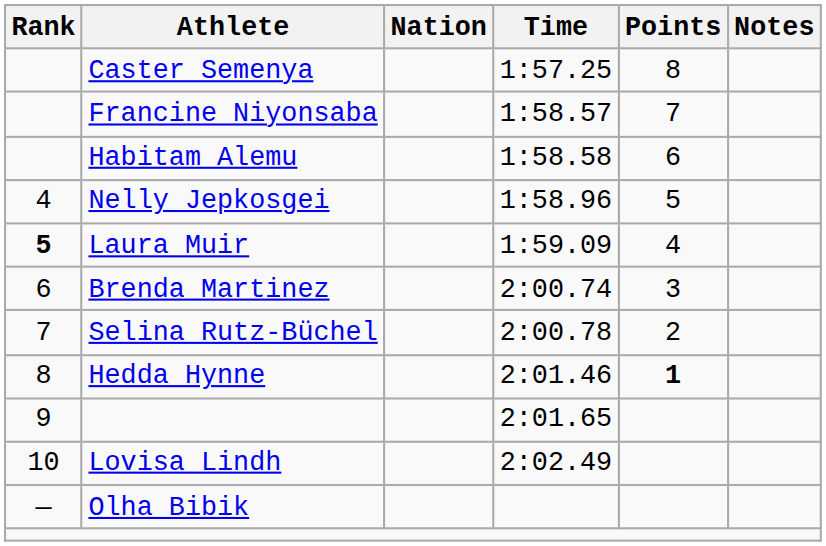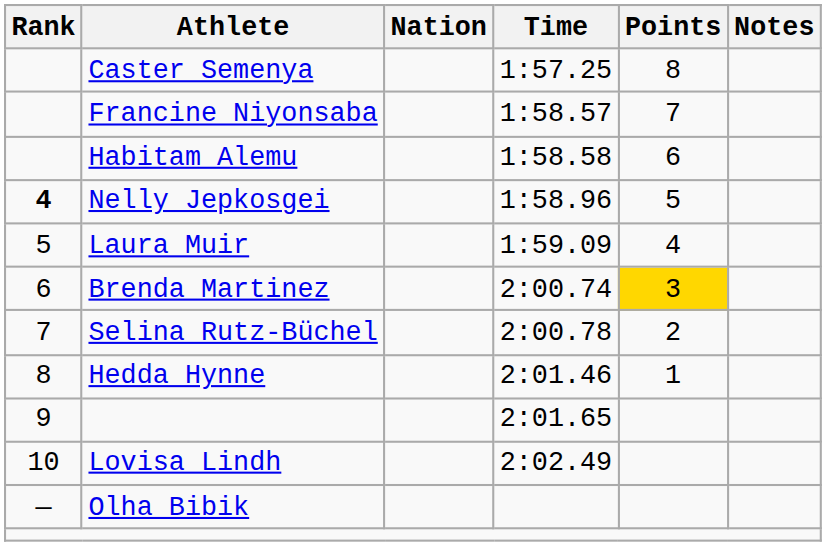 <table class="wikitable sortable" style="text-align:center;">
 <tr>
 <th scope="col" style="width: 10px;">Rank</th>
 <th scope="col">Athlete</th>
 <th scope="col">Nation</th>
 <th scope="col">Time</th>
 <th scope="col">Points</th>
 <th scope="col">Notes</th>
 </tr>
 <tr>
 <td></td>
 <td align=left><a href='#'>Caster Semenya</a></td>
 <td align=left></td>
 <td>1:57.25</td>
 <td>8</td>
 <td></td>
 </tr>
 <tr>
 <td></td>
 <td align=left><a href='#'>Francine Niyonsaba</a></td>
 <td align=left></td>
 <td>1:58.57</td>
 <td>7</td>
 <td></td>
 </tr>
 <tr>
 <td></td>
 <td align=left><a href='#'>Habitam Alemu</a></td>
 <td align=left></td>
 <td>1:58.58</td>
 <td>6</td>
 <td></td>
 </tr>
 <tr>
-<td>4</td>
+<td><strong>4</strong></td>
 <td align=left><a href='#'>Nelly Jepkosgei</a></td>
 <td align=left></td>
 <td>1:58.96</td>
 <td>5</td>
 <td></td>
 </tr>
 <tr>
-<td><strong>5</strong></td>
+<td>5</td>
 <td align=left><a href='#'>Laura Muir</a></td>
 <td align=left></td>
 <td>1:59.09</td>
 <td>4</td>
 <td></td>
 </tr>
 <tr>
 <td>6</td>
 <td align=left><a href='#'>Brenda Martinez</a></td>
 <td align=left></td>
 <td>2:00.74</td>
-<td>3</td>
+<td style="background: gold;">3</td>
 <td></td>
 </tr>
 <tr>
 <td>7</td>
 <td align=left><a href='#'>Selina Rutz-Büchel</a></td>
 <td align=left></td>
 <td>2:00.78</td>
 <td>2</td>
 <td></td>
 </tr>
 <tr>
 <td>8</td>
 <td align=left><a href='#'>Hedda Hynne</a></td>
 <td align=left></td>
 <td>2:01.46</td>
-<td><strong>1</strong></td>
+<td>1</td>
 <td></td>
 </tr>
 <tr>
 <td>9</td>
 <td align=left></td>
 <td align=left></td>
 <td>2:01.65</td>
 <td></td>
 <td></td>
 </tr>
 <tr>
 <td>10</td>
 <td align=left><a href='#'>Lovisa Lindh</a></td>
 <td align=left></td>
 <td>2:02.49</td>
 <td></td>
 <td></td>
 </tr>
 <tr>
 <td>—</td>
 <td align=left><a href='#'>Olha Bibik</a></td>
 <td align=left></td>
 <td></td>
 <td></td>
 <td></td>
 </tr>
 <tr class="sortbottom">
 <td colspan="6"></td>
 </tr>
 </table>
